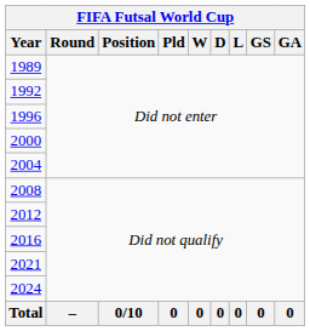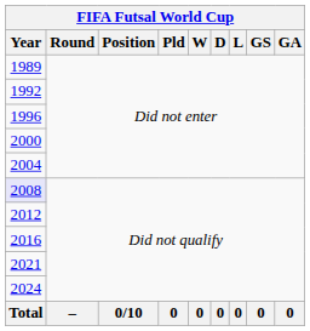 <table class="wikitable" style="text-align: center">
 <tr>
 <th colspan="9"><a href='#'>FIFA Futsal World Cup</a></th>
 </tr>
 <tr>
 <th>Year</th>
 <th>Round</th>
 <th>Position</th>
 <th>Pld</th>
 <th>W</th>
 <th>D</th>
 <th>L</th>
 <th>GS</th>
 <th>GA</th>
 </tr>
 <tr>
 <td> <a href='#'>1989</a></td>
 <td rowspan=5; colspan="8"><em>Did not enter</em></td>
 </tr>
 <tr>
 <td> <a href='#'>1992</a></td>
 </tr>
 <tr>
 <td> <a href='#'>1996</a></td>
 </tr>
 <tr>
 <td> <a href='#'>2000</a></td>
 </tr>
 <tr>
 <td> <a href='#'>2004</a></td>
 </tr>
 <tr>
-<td> <a href='#'>2008</a></td>
+<td style="background: lavender;"> <a href='#'>2008</a></td>
 <td rowspan=5; colspan="8"><em>Did not qualify</em></td>
 </tr>
 <tr>
 <td> <a href='#'>2012</a></td>
 </tr>
 <tr>
 <td> <a href='#'>2016</a></td>
 </tr>
 <tr>
 <td> <a href='#'>2021</a></td>
 </tr>
 <tr>
 <td> <a href='#'>2024</a></td>
 </tr>
 <tr>
 <th>Total</th>
 <th>–</th>
 <th>0/10</th>
 <th>0</th>
 <th>0</th>
 <th>0</th>
 <th>0</th>
 <th>0</th>
 <th>0</th>
 </tr>
 </table>
